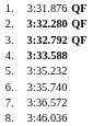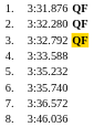 <table style="text-align:center">
 <tr>
 <td width=30>1.</td>
 <td align=left></td>
 <td width=60>3:31.876</td>
 <td><strong>QF</strong></td>
 </tr>
 <tr>
 <td>2.</td>
 <td align=left></td>
-<td><strong>3:32.280</strong></td>
+<td>3:32.280</td>
 <td><strong>QF</strong></td>
 </tr>
 <tr>
 <td>3.</td>
 <td align=left></td>
-<td><strong>3:32.792</strong></td>
-<td><strong>QF</strong></td>
+<td>3:32.792</td>
+<td style="background: gold;"><strong>QF</strong></td>
 </tr>
 <tr>
 <td>4.</td>
 <td align=left></td>
-<td><strong>3:33.588</strong></td>
+<td>3:33.588</td>
 </tr>
 <tr>
 <td>5.</td>
 <td align=left></td>
 <td>3:35.232</td>
 </tr>
 <tr>
 <td>6.</td>
 <td align=left></td>
 <td>3:35.740</td>
 </tr>
 <tr>
 <td>7.</td>
 <td align=left></td>
 <td>3:36.572</td>
 </tr>
 <tr>
 <td>8.</td>
 <td align=left></td>
 <td>3:46.036</td>
 </tr>
 </table>
